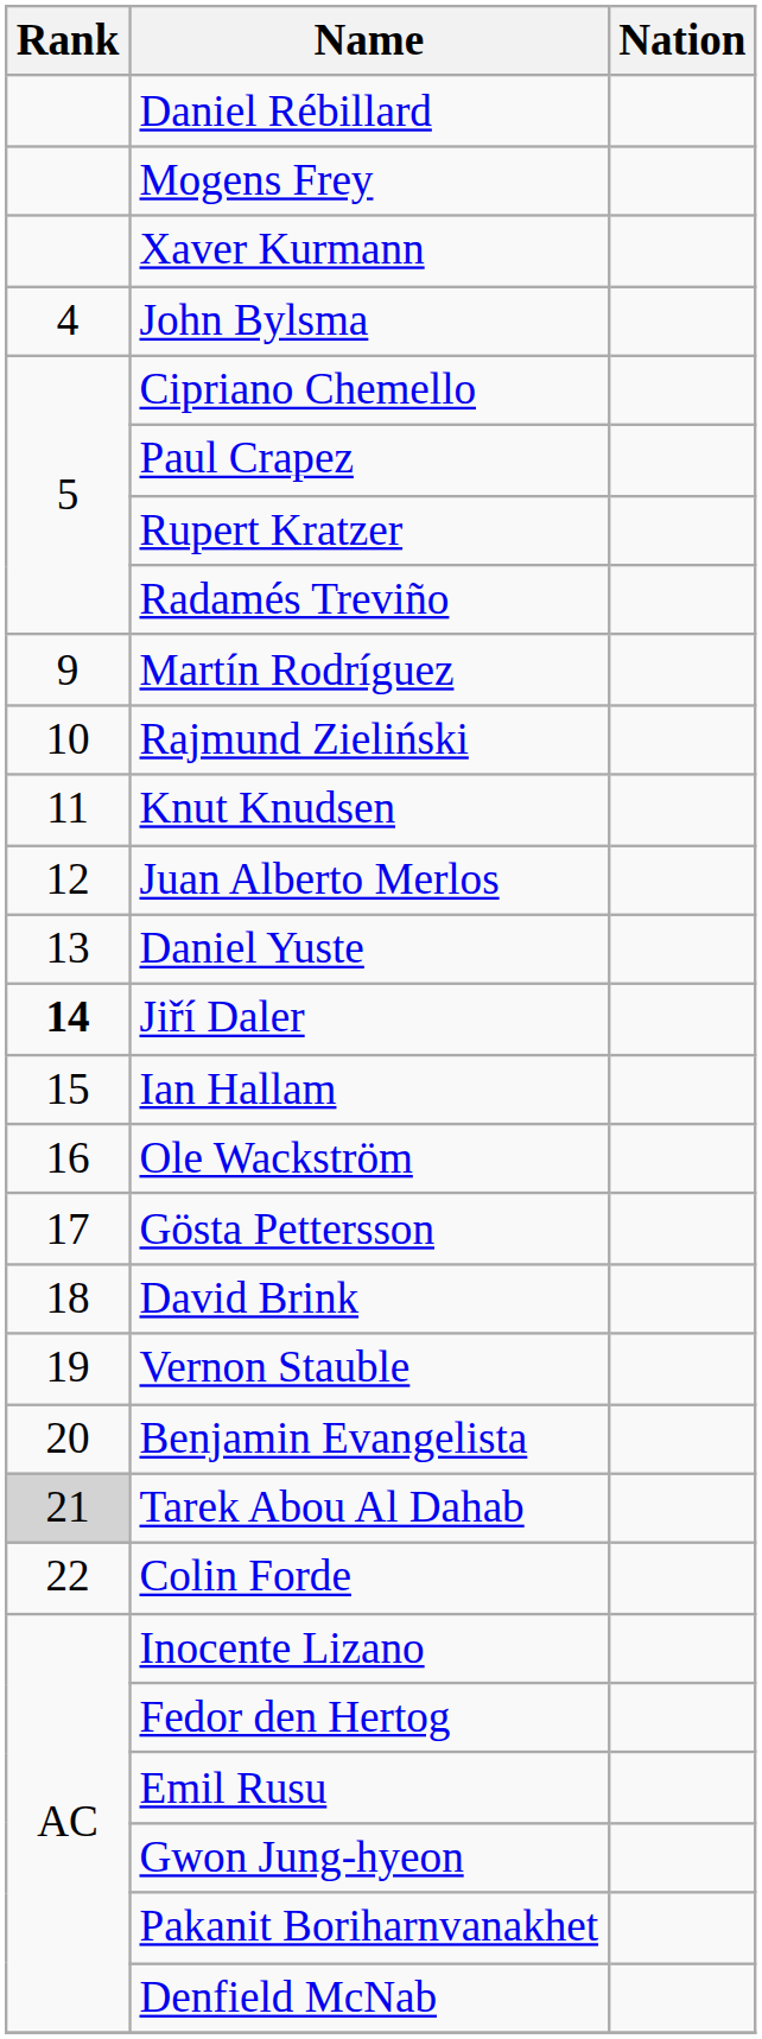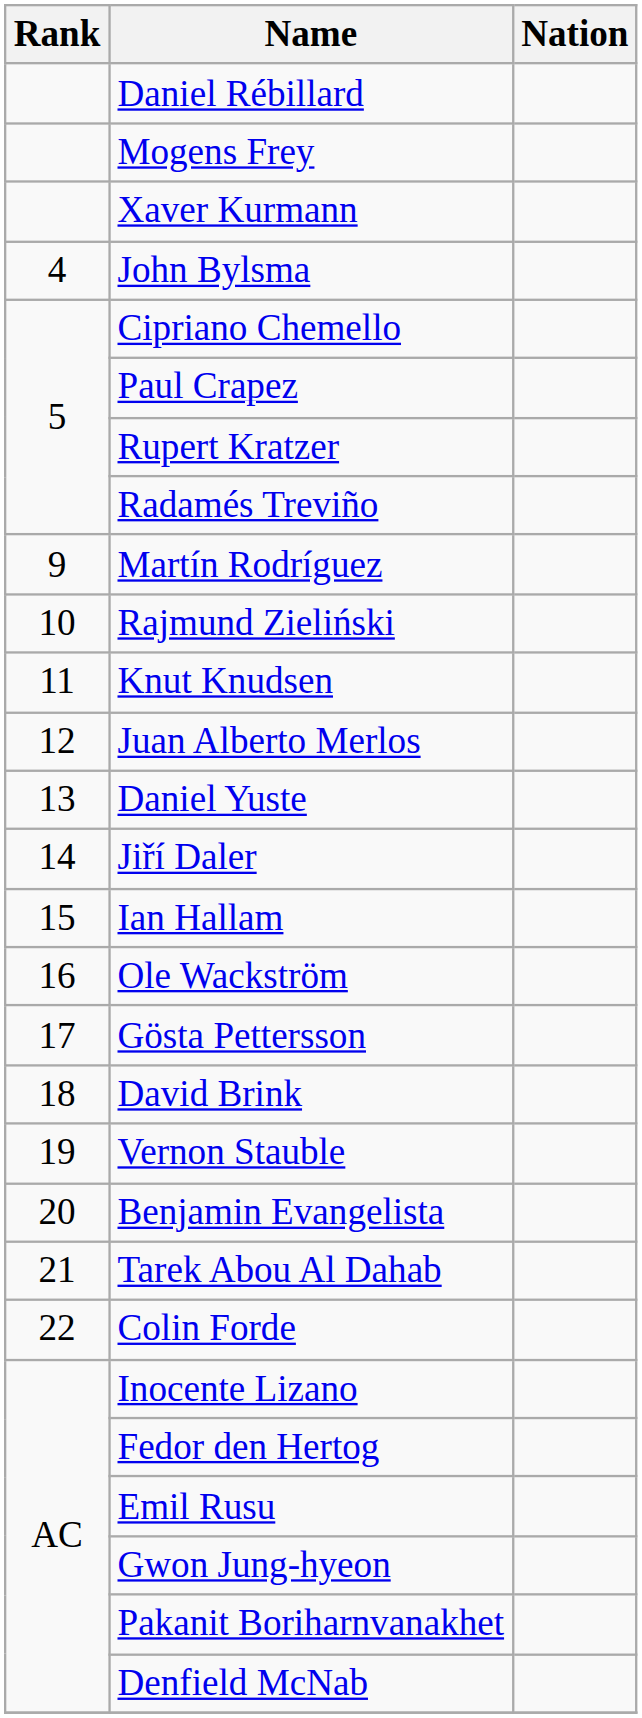 <table class="wikitable sortable" style="text-align:center">
 <tr>
 <th>Rank</th>
 <th>Name</th>
 <th>Nation</th>
 </tr>
 <tr>
 <td></td>
 <td align=left><a href='#'>Daniel Rébillard</a></td>
 <td align=left></td>
 </tr>
 <tr>
 <td></td>
 <td align=left><a href='#'>Mogens Frey</a></td>
 <td align=left></td>
 </tr>
 <tr>
 <td></td>
 <td align=left><a href='#'>Xaver Kurmann</a></td>
 <td align=left></td>
 </tr>
 <tr>
 <td>4</td>
 <td align=left><a href='#'>John Bylsma</a></td>
 <td align=left></td>
 </tr>
 <tr>
 <td rowspan=4>5</td>
 <td align=left><a href='#'>Cipriano Chemello</a></td>
 <td align=left></td>
 </tr>
 <tr>
 <td align=left><a href='#'>Paul Crapez</a></td>
 <td align=left></td>
 </tr>
 <tr>
 <td align=left><a href='#'>Rupert Kratzer</a></td>
 <td align=left></td>
 </tr>
 <tr>
 <td align=left><a href='#'>Radamés Treviño</a></td>
 <td align=left></td>
 </tr>
 <tr>
 <td>9</td>
 <td align=left><a href='#'>Martín Rodríguez</a></td>
 <td align=left></td>
 </tr>
 <tr>
 <td>10</td>
 <td align=left><a href='#'>Rajmund Zieliński</a></td>
 <td align=left></td>
 </tr>
 <tr>
 <td>11</td>
 <td align=left><a href='#'>Knut Knudsen</a></td>
 <td align=left></td>
 </tr>
 <tr>
 <td>12</td>
 <td align=left><a href='#'>Juan Alberto Merlos</a></td>
 <td align=left></td>
 </tr>
 <tr>
 <td>13</td>
 <td align=left><a href='#'>Daniel Yuste</a></td>
 <td align=left></td>
 </tr>
 <tr>
-<td><strong>14</strong></td>
+<td>14</td>
 <td align=left><a href='#'>Jiří Daler</a></td>
 <td align=left></td>
 </tr>
 <tr>
 <td>15</td>
 <td align=left><a href='#'>Ian Hallam</a></td>
 <td align=left></td>
 </tr>
 <tr>
 <td>16</td>
 <td align=left><a href='#'>Ole Wackström</a></td>
 <td align=left></td>
 </tr>
 <tr>
 <td>17</td>
 <td align=left><a href='#'>Gösta Pettersson</a></td>
 <td align=left></td>
 </tr>
 <tr>
 <td>18</td>
 <td align=left><a href='#'>David Brink</a></td>
 <td align=left></td>
 </tr>
 <tr>
 <td>19</td>
 <td align=left><a href='#'>Vernon Stauble</a></td>
 <td align=left></td>
 </tr>
 <tr>
 <td>20</td>
 <td align=left><a href='#'>Benjamin Evangelista</a></td>
 <td align=left></td>
 </tr>
 <tr>
-<td style="background: lightgrey;">21</td>
+<td>21</td>
 <td align=left><a href='#'>Tarek Abou Al Dahab</a></td>
 <td align=left></td>
 </tr>
 <tr>
 <td>22</td>
 <td align=left><a href='#'>Colin Forde</a></td>
 <td align=left></td>
 </tr>
 <tr>
 <td rowspan=6>AC</td>
 <td align=left><a href='#'>Inocente Lizano</a></td>
 <td align=left></td>
 </tr>
 <tr>
 <td align=left><a href='#'>Fedor den Hertog</a></td>
 <td align=left></td>
 </tr>
 <tr>
 <td align=left><a href='#'>Emil Rusu</a></td>
 <td align=left></td>
 </tr>
 <tr>
 <td align=left><a href='#'>Gwon Jung-hyeon</a></td>
 <td align=left></td>
 </tr>
 <tr>
 <td align=left><a href='#'>Pakanit Boriharnvanakhet</a></td>
 <td align=left></td>
 </tr>
 <tr>
 <td align=left><a href='#'>Denfield McNab</a></td>
 <td align=left></td>
 </tr>
 <tr>
 </tr>
 </table>
